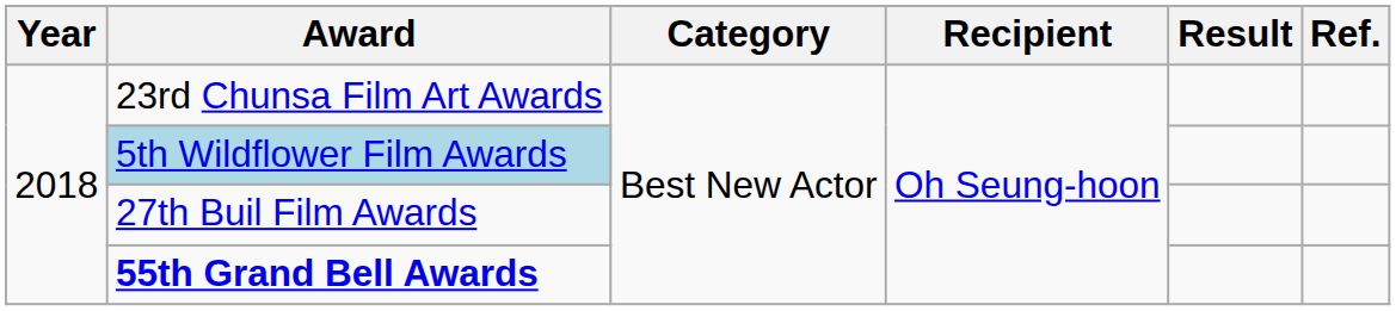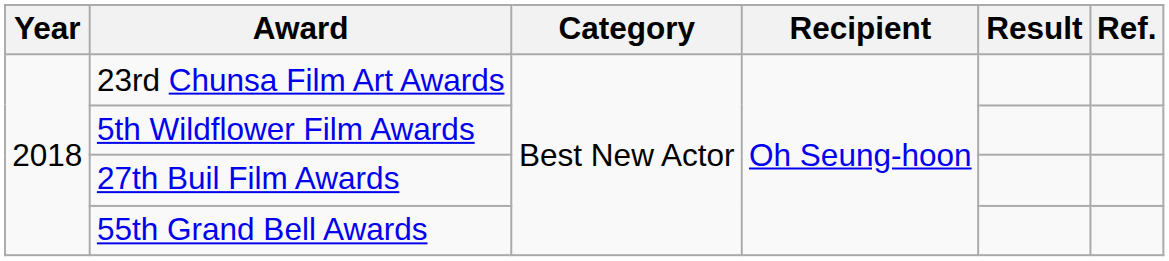 <table class="wikitable">
 <tr>
 <th>Year</th>
 <th>Award</th>
 <th>Category</th>
 <th>Recipient</th>
 <th>Result</th>
 <th>Ref.</th>
 </tr>
 <tr>
 <td rowspan=4>2018</td>
 <td>23rd <a href='#'>Chunsa Film Art Awards</a></td>
 <td rowspan=4>Best New Actor</td>
 <td rowspan=4><a href='#'>Oh Seung-hoon</a></td>
 <td></td>
 <td></td>
 </tr>
 <tr>
-<td style="background: lightblue;"><a href='#'>5th Wildflower Film Awards</a></td>
+<td><a href='#'>5th Wildflower Film Awards</a></td>
 <td></td>
 <td></td>
 </tr>
 <tr>
 <td><a href='#'>27th Buil Film Awards</a></td>
 <td></td>
 <td></td>
 </tr>
 <tr>
-<td><strong><a href='#'>55th Grand Bell Awards</a></strong></td>
+<td><a href='#'>55th Grand Bell Awards</a></td>
 <td></td>
 <td></td>
 </tr>
 </table>
